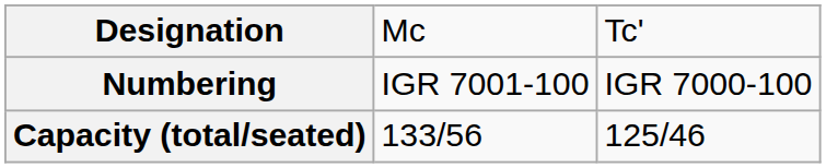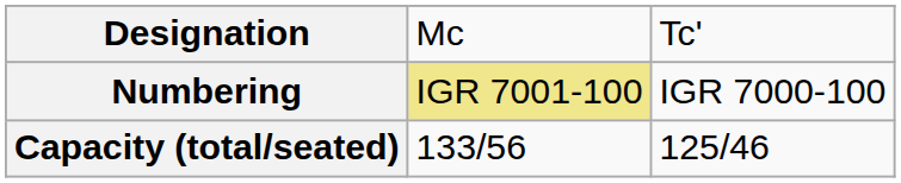 <table class="wikitable">
 <tr>
 <th>Designation</th>
 <td>Mc</td>
 <td>Tc'</td>
 </tr>
 <tr>
 <th>Numbering</th>
-<td>IGR 7001-100</td>
+<td style="background: khaki;">IGR 7001-100</td>
 <td>IGR 7000-100</td>
 </tr>
 <tr>
 <th>Capacity (total/seated)</th>
 <td>133/56</td>
 <td>125/46</td>
 </tr>
 </table>
